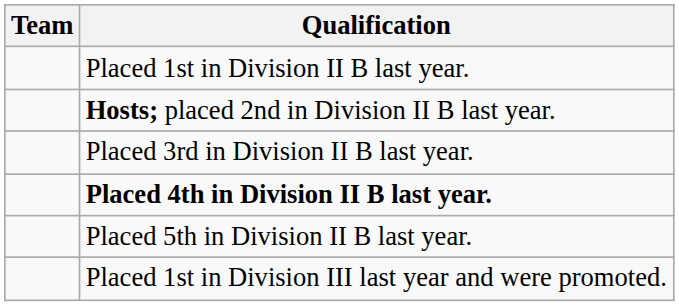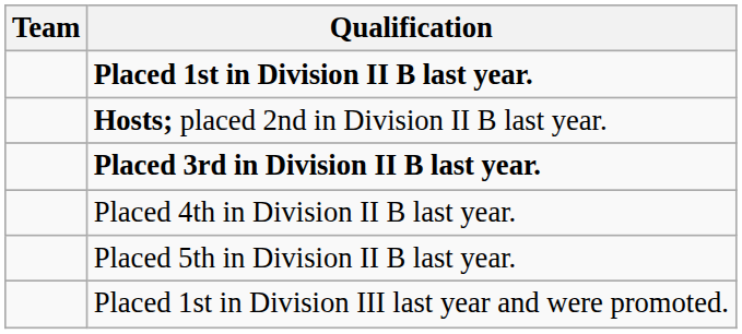 <table class="wikitable">
 <tr>
 <th>Team</th>
 <th>Qualification</th>
 </tr>
 <tr>
 <td></td>
-<td>Placed 1st in Division II B last year.</td>
+<td><strong>Placed 1st in Division II B last year.</strong></td>
 </tr>
 <tr>
 <td></td>
 <td><strong>Hosts;</strong> placed 2nd in Division II B last year.</td>
 </tr>
 <tr>
 <td><s></s></td>
-<td>Placed 3rd in Division II B last year.</td>
+<td><strong>Placed 3rd in Division II B last year.</strong></td>
 </tr>
 <tr>
 <td></td>
-<td><strong>Placed 4th in Division II B last year.</strong></td>
+<td>Placed 4th in Division II B last year.</td>
 </tr>
 <tr>
 <td></td>
 <td>Placed 5th in Division II B last year.</td>
 </tr>
 <tr>
 <td></td>
 <td>Placed 1st in Division III last year and were promoted.</td>
 </tr>
 </table>
